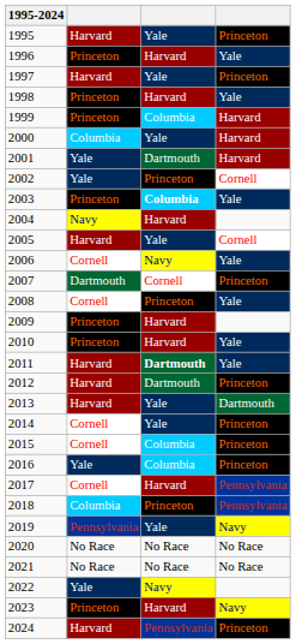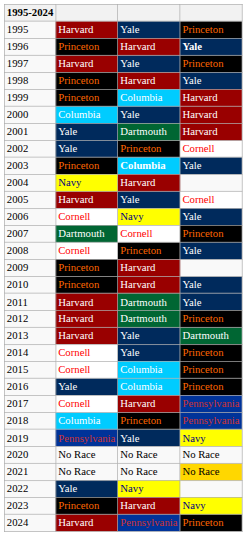 <table class="wikitable collapsible collapsed">
 <tr style="background:#efefef;">
 <th>1995-2024</th>
 <th></th>
 <th></th>
 <th></th>
 </tr>
 <tr>
 <td>1995</td>
 <td style="background:#990000; color:#FFF">Harvard</td>
 <td style="background:#002a5c; color:#FFF">Yale</td>
 <td style="background:#000; color:#FF6600">Princeton</td>
 </tr>
 <tr>
 <td>1996</td>
 <td style="background:#000; color:#FF6600">Princeton</td>
 <td style="background:#990000; color:#FFF">Harvard</td>
-<td style="background:#002a5c; color:#FFF">Yale</td>
+<td style="background:#002a5c; color:#FFF"><strong>Yale</strong></td>
 </tr>
 <tr>
 <td>1997</td>
 <td style="background:#990000; color:#FFF">Harvard</td>
 <td style="background:#002a5c; color:#FFF">Yale</td>
 <td style="background:#000; color:#FF6600">Princeton</td>
 </tr>
 <tr>
 <td>1998</td>
 <td style="background:#000; color:#FF6600">Princeton</td>
 <td style="background:#990000; color:#FFF">Harvard</td>
 <td style="background:#002a5c; color:#FFF">Yale</td>
 </tr>
 <tr>
 <td>1999</td>
 <td style="background:#000; color:#FF6600">Princeton</td>
 <td style="background:#00CCFF; color:#FFF">Columbia</td>
 <td style="background:#990000; color:#FFF">Harvard</td>
 </tr>
 <tr>
 <td>2000</td>
 <td style="background:#00CCFF; color:#FFF">Columbia</td>
 <td style="background:#002a5c; color:#FFF">Yale</td>
 <td style="background:#990000; color:#FFF">Harvard</td>
 </tr>
 <tr>
 <td>2001</td>
 <td style="background:#002a5c; color:#FFF">Yale</td>
 <td style="background:#006633; color:#FFF">Dartmouth</td>
 <td style="background:#990000; color:#FFF">Harvard</td>
 </tr>
 <tr>
 <td>2002</td>
 <td style="background:#002a5c; color:#FFF">Yale</td>
 <td style="background:#000; color:#FF6600">Princeton</td>
 <td style="background:#FFF; color:#FF0000">Cornell</td>
 </tr>
 <tr>
 <td>2003</td>
 <td style="background:#000; color:#FF6600">Princeton</td>
 <td style="background:#00CCFF; color:#FFF"><strong>Columbia</strong></td>
 <td style="background:#002a5c; color:#FFF">Yale</td>
 </tr>
 <tr>
 <td>2004</td>
 <td style="background:#FFFF00; color:#000080">Navy</td>
 <td style="background:#990000; color:#FFF">Harvard</td>
 <td></td>
 </tr>
 <tr>
 <td>2005</td>
 <td style="background:#990000; color:#FFF">Harvard</td>
 <td style="background:#002a5c; color:#FFF">Yale</td>
 <td style="background:#FFF; color:#FF0000">Cornell</td>
 </tr>
 <tr>
 <td>2006</td>
 <td style="background:#FFF; color:#FF0000">Cornell</td>
 <td style="background:#FFFF00; color:#000080">Navy</td>
 <td style="background:#002a5c; color:#FFF">Yale</td>
 </tr>
 <tr>
 <td>2007</td>
 <td style="background:#006633; color:#FFF">Dartmouth</td>
 <td style="background:#FFF; color:#FF0000">Cornell</td>
 <td style="background:#000; color:#FF6600">Princeton</td>
 </tr>
 <tr>
 <td>2008</td>
 <td style="background:#FFF; color:#FF0000">Cornell</td>
 <td style="background:#000; color:#FF6600">Princeton</td>
 <td style="background:#002a5c; color:#FFF">Yale</td>
 </tr>
 <tr>
 <td>2009</td>
 <td style="background:#000; color:#FF6600">Princeton</td>
 <td style="background:#990000; color:#FFF">Harvard</td>
 <td></td>
 </tr>
 <tr>
 <td>2010</td>
 <td style="background:#000; color:#FF6600">Princeton</td>
 <td style="background:#990000; color:#FFF">Harvard</td>
 <td style="background:#002a5c; color:#FFF">Yale</td>
 </tr>
 <tr>
 <td>2011</td>
 <td style="background:#990000; color:#FFF">Harvard</td>
-<td style="background:#006633; color:#FFF"><strong>Dartmouth</strong></td>
+<td style="background:#006633; color:#FFF">Dartmouth</td>
 <td style="background:#002a5c; color:#FFF">Yale</td>
 </tr>
 <tr>
 <td>2012</td>
 <td style="background:#990000; color:#FFF">Harvard</td>
 <td style="background:#006633; color:#FFF">Dartmouth</td>
 <td style="background:#000; color:#FF6600">Princeton</td>
 </tr>
 <tr>
 <td>2013</td>
 <td style="background:#990000; color:#FFF">Harvard</td>
 <td style="background:#002a5c; color:#FFF">Yale</td>
 <td style="background:#006633; color:#FFF">Dartmouth</td>
 </tr>
 <tr>
 <td>2014</td>
 <td style="background:#FFF; color:#FF0000">Cornell</td>
 <td style="background:#002a5c; color:#FFF">Yale</td>
 <td style="background:#000; color:#FF6600">Princeton</td>
 </tr>
 <tr>
 <td>2015</td>
 <td style="background:#FFF; color:#FF0000">Cornell</td>
 <td style="background:#00CCFF; color:#FFF">Columbia</td>
 <td style="background:#000; color:#FF6600">Princeton</td>
 </tr>
 <tr>
 <td>2016</td>
 <td style="background:#002a5c; color:#FFF">Yale</td>
 <td style="background:#00CCFF; color:#FFF">Columbia</td>
 <td style="background:#000; color:#FF6600">Princeton</td>
 </tr>
 <tr>
 <td>2017</td>
 <td style="background:#FFF; color:#FF0000">Cornell</td>
 <td style="background:#990000; color:#FFF">Harvard</td>
 <td style="background:#003399; color:#CC3333">Pennsylvania</td>
 </tr>
 <tr>
 <td>2018</td>
 <td style="background:#00CCFF; color:#FFF">Columbia</td>
 <td style="background:#000; color:#FF6600">Princeton</td>
 <td style="background:#003399; color:#CC3333">Pennsylvania</td>
 </tr>
 <tr>
 <td>2019</td>
 <td style="background:#003399; color:#CC3333">Pennsylvania</td>
 <td style="background:#002a5c; color:#FFF">Yale</td>
 <td style="background:#FFFF00; color:#000080">Navy</td>
 </tr>
 <tr>
 <td>2020</td>
 <td>No Race</td>
 <td>No Race</td>
 <td>No Race</td>
 </tr>
 <tr>
 <td>2021</td>
 <td>No Race</td>
 <td>No Race</td>
-<td>No Race</td>
+<td style="background: gold;">No Race</td>
 </tr>
 <tr>
 <td>2022</td>
 <td style="background:#002a5c; color:#FFF">Yale</td>
 <td style="background:#FFFF00; color:#000080">Navy</td>
 <td></td>
 </tr>
 <tr>
 <td>2023</td>
 <td style="background:#000; color:#FF6600">Princeton</td>
 <td style="background:#990000; color:#FFF">Harvard</td>
 <td style="background:#FFFF00; color:#000080">Navy</td>
 </tr>
 <tr>
 <td>2024</td>
 <td style="background:#990000; color:#FFF">Harvard</td>
 <td style="background:#003399; color:#CC3333">Pennsylvania</td>
 <td style="background:#000; color:#FF6600">Princeton</td>
 </tr>
 </table>
